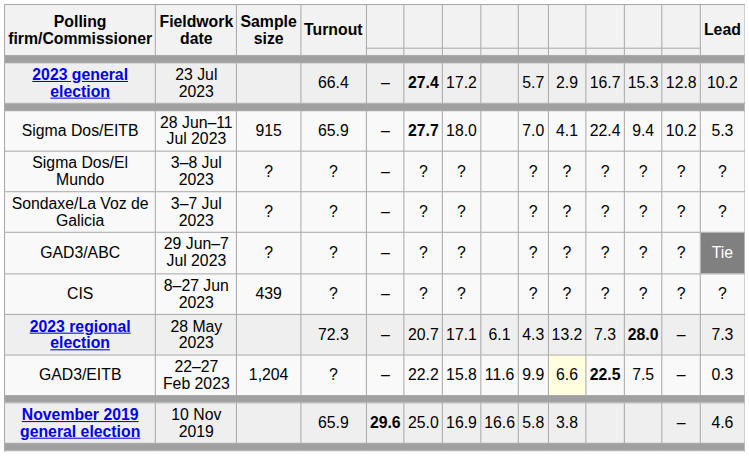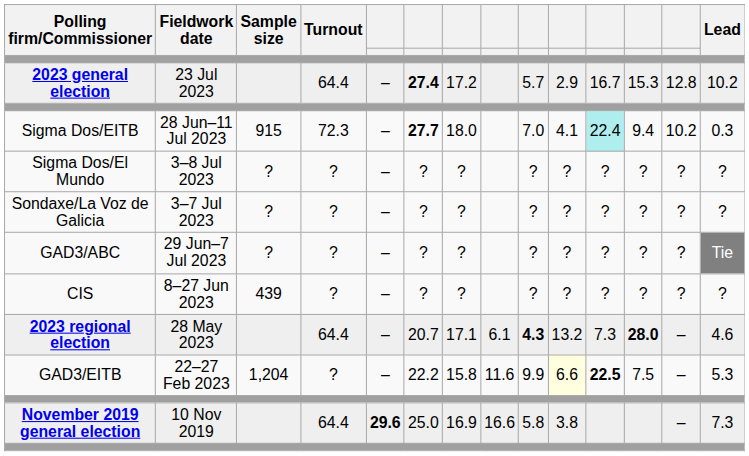 <table class="wikitable collapsible collapsed" style="text-align:center; font-size:95%; line-height:16px;">
 <tr style="height:42px;">
 <th style="width:250px;" rowspan="2">Polling firm/Commissioner</th>
 <th style="width:125px;" rowspan="2">Fieldwork date</th>
 <th style="width:50px;" rowspan="2">Sample size</th>
 <th style="width:45px;" rowspan="2">Turnout</th>
 <th style="width:35px;"></th>
 <th style="width:35px;"></th>
 <th style="width:35px;"></th>
 <th style="width:35px;"></th>
 <th style="width:35px;"></th>
 <th style="width:35px;"></th>
 <th style="width:35px;"></th>
 <th style="width:35px;"></th>
 <th style="width:35px;"></th>
 <th style="width:30px;" rowspan="2">Lead</th>
 </tr>
 <tr>
 <th style="color:inherit;background:"></th>
 <th style="color:inherit;background:"></th>
 <th style="color:inherit;background:"></th>
 <th style="color:inherit;background:"></th>
 <th style="color:inherit;background:"></th>
 <th style="color:inherit;background:"></th>
 <th style="color:inherit;background:"></th>
 <th style="color:inherit;background:"></th>
 <th style="color:inherit;background:"></th>
 </tr>
 <tr>
 <td colspan="14" style="background:#A0A0A0"></td>
 </tr>
 <tr style="background:#EFEFEF;">
 <td><strong><a href='#'>2023 general election</a></strong></td>
 <td>23 Jul 2023</td>
 <td></td>
-<td>66.4</td>
+<td>64.4</td>
 <td>–</td>
 <td><strong>27.4</strong><br></td>
 <td>17.2<br></td>
 <td></td>
 <td>5.7<br></td>
 <td>2.9<br></td>
 <td>16.7<br></td>
 <td>15.3<br></td>
 <td>12.8<br></td>
 <td style="background:">10.2</td>
 </tr>
 <tr>
 <td colspan="14" style="background:#A0A0A0"></td>
 </tr>
 <tr>
 <td>Sigma Dos/EITB</td>
 <td>28 Jun–11 Jul 2023</td>
 <td>915</td>
-<td>65.9</td>
+<td>72.3</td>
 <td>–</td>
 <td><strong>27.7</strong><br></td>
 <td>18.0<br></td>
 <td></td>
 <td>7.0<br></td>
 <td>4.1<br></td>
-<td>22.4<br></td>
+<td style="background: paleturquoise;">22.4<br></td>
 <td>9.4<br></td>
 <td>10.2<br></td>
-<td style="background:">5.3</td>
+<td style="background:">0.3</td>
 </tr>
 <tr>
 <td>Sigma Dos/El Mundo</td>
 <td>3–8 Jul 2023</td>
 <td>?</td>
 <td>?</td>
 <td>–</td>
 <td>?<br></td>
 <td>?<br></td>
 <td></td>
 <td>?<br></td>
 <td>?<br></td>
 <td>?<br></td>
 <td>?<br></td>
 <td>?<br></td>
 <td style="background:">?</td>
 </tr>
 <tr>
 <td>Sondaxe/La Voz de Galicia</td>
 <td>3–7 Jul 2023</td>
 <td>?</td>
 <td>?</td>
 <td>–</td>
 <td>?<br></td>
 <td>?<br></td>
 <td></td>
 <td>?<br></td>
 <td>?<br></td>
 <td>?<br></td>
 <td>?<br></td>
 <td>?<br></td>
 <td style="background:">?</td>
 </tr>
 <tr>
 <td>GAD3/ABC</td>
 <td>29 Jun–7 Jul 2023</td>
 <td>?</td>
 <td>?</td>
 <td>–</td>
 <td>?<br></td>
 <td>?<br></td>
 <td></td>
 <td>?<br></td>
 <td>?<br></td>
 <td>?<br></td>
 <td>?<br></td>
 <td>?<br></td>
 <td style="background:gray; color:white;">Tie</td>
 </tr>
 <tr>
 <td>CIS</td>
 <td>8–27 Jun 2023</td>
 <td>439</td>
 <td>?</td>
 <td>–</td>
 <td>?<br></td>
 <td>?<br></td>
 <td></td>
 <td>?<br></td>
 <td>?<br></td>
 <td>?<br></td>
 <td>?<br></td>
 <td>?<br></td>
 <td style="background:">?</td>
 </tr>
 <tr style="background:#EFEFEF;">
 <td><strong><a href='#'>2023 regional election</a></strong></td>
 <td>28 May 2023</td>
 <td></td>
-<td>72.3</td>
+<td>64.4</td>
 <td>–</td>
 <td>20.7<br></td>
 <td>17.1<br></td>
 <td>6.1<br></td>
-<td>4.3<br></td>
+<td><strong>4.3<br></strong></td>
 <td>13.2<br></td>
 <td>7.3<br></td>
 <td><strong>28.0</strong><br></td>
 <td>–</td>
-<td style="background:">7.3</td>
+<td style="background:">4.6</td>
 </tr>
 <tr>
 <td>GAD3/EITB</td>
 <td>22–27 Feb 2023</td>
 <td>1,204</td>
 <td>?</td>
 <td>–</td>
 <td>22.2<br></td>
 <td>15.8<br></td>
 <td>11.6<br></td>
 <td>9.9<br></td>
 <td style="background: lightyellow;">6.6<br></td>
 <td><strong>22.5</strong><br></td>
 <td>7.5<br></td>
 <td>–</td>
-<td style="background:">0.3</td>
+<td style="background:">5.3</td>
 </tr>
 <tr>
 <td colspan="14" style="background:#A0A0A0"></td>
 </tr>
 <tr style="background:#EFEFEF;">
 <td><strong><a href='#'>November 2019 general election</a></strong></td>
 <td>10 Nov 2019</td>
 <td></td>
-<td>65.9</td>
+<td>64.4</td>
 <td><strong>29.6</strong><br></td>
 <td>25.0<br></td>
 <td>16.9<br></td>
 <td>16.6<br></td>
 <td>5.8<br></td>
 <td>3.8<br></td>
 <td></td>
 <td></td>
 <td>–</td>
-<td style="background:">4.6</td>
+<td style="background:">7.3</td>
 </tr>
 <tr>
 <td colspan="14" style="background:#A0A0A0"></td>
 </tr>
 </table>
